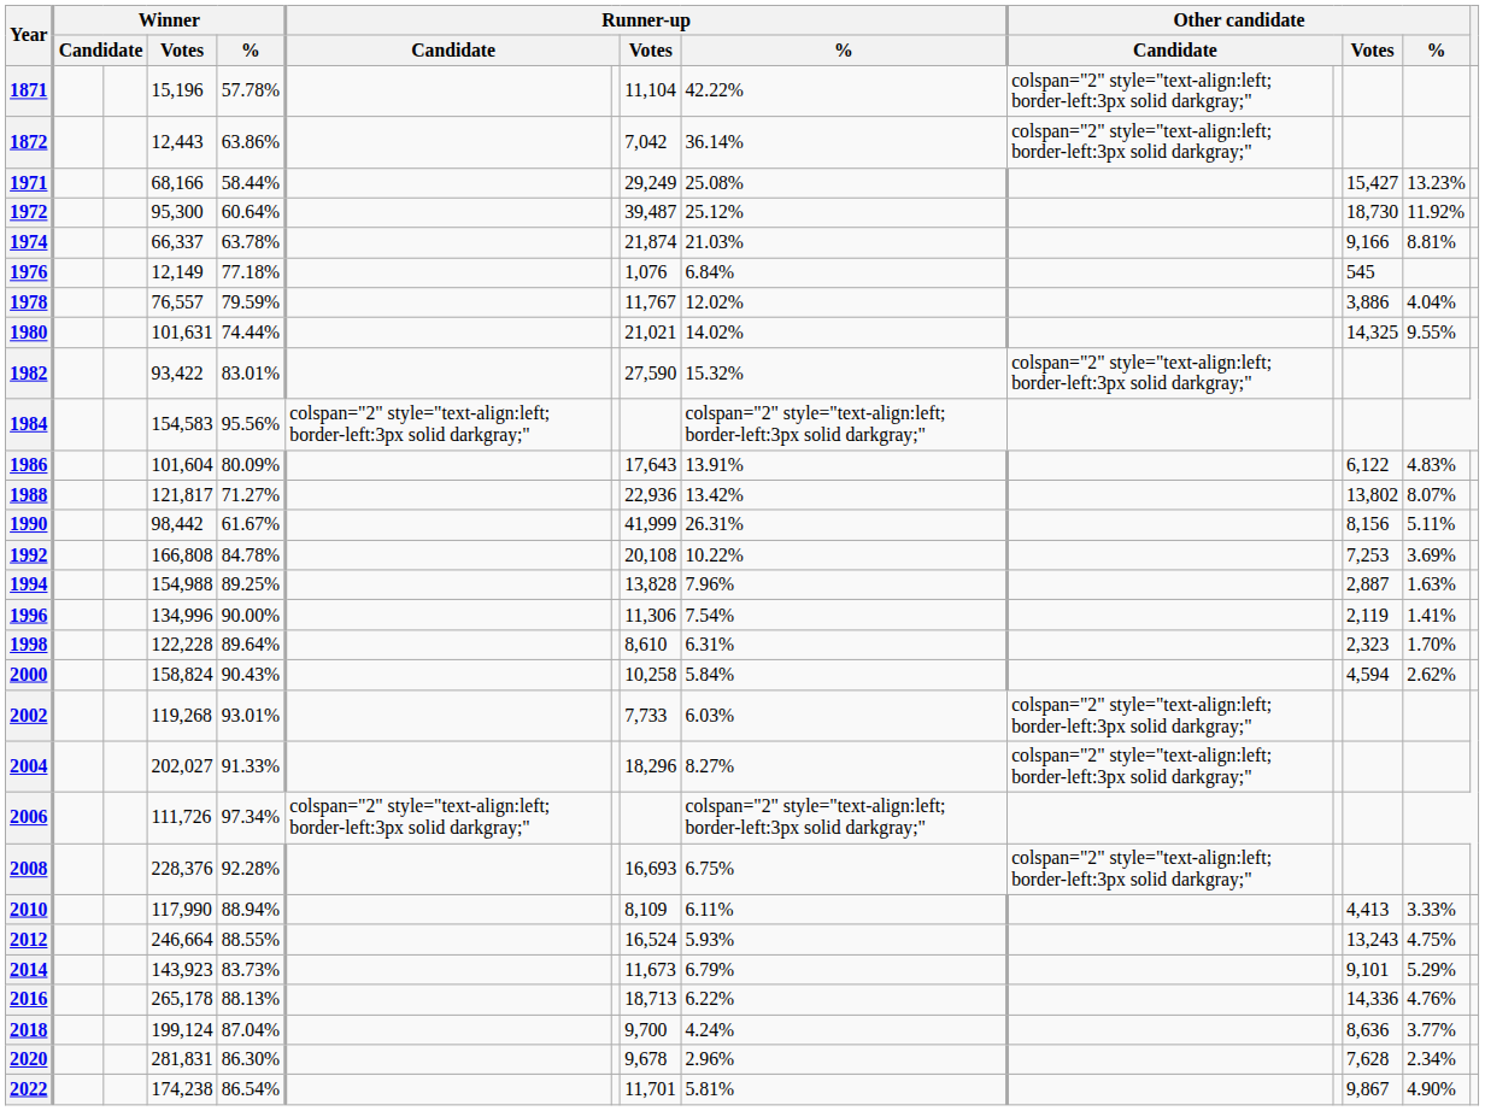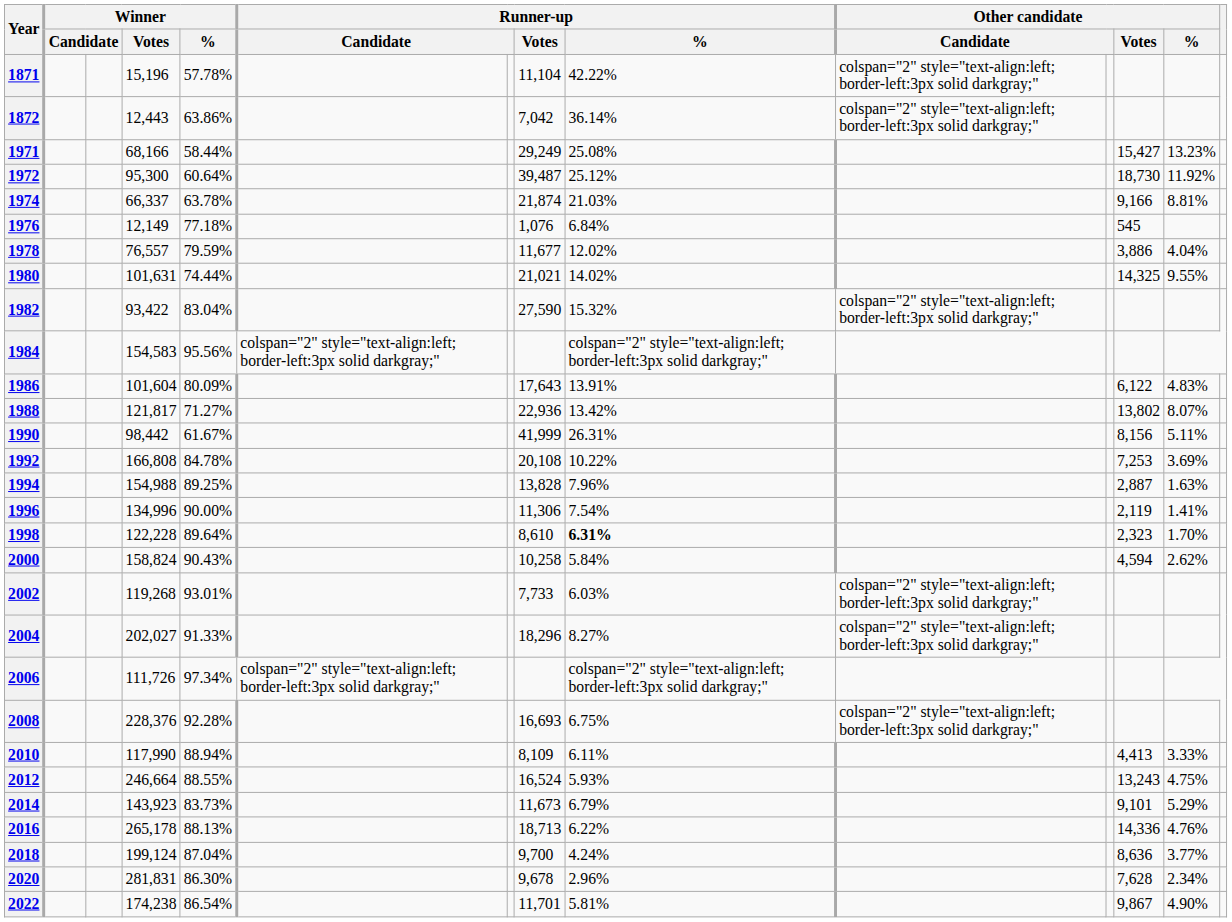 <table class="wikitable sortable">
 <tr>
 <th scope=col rowspan="2">Year</th>
 <th scope="col" style="border-left:3px solid darkgray;" colspan="4">Winner</th>
 <th scope="col" style="border-left:3px solid darkgray;" colspan="4">Runner-up</th>
 <th scope="col" style="border-left:3px solid darkgray;" colspan="4">Other candidate</th>
 <th scope="col" class="unsortable" rowspan="2"></th>
 </tr>
 <tr>
 <th scope="col" style="border-left:3px solid darkgray;" colspan="2">Candidate</th>
 <th scope="col" data-sort-type="number">Votes</th>
 <th scope="col"  data-sort-type="number">%</th>
 <th scope="col" style="border-left:3px solid darkgray;" colspan="2">Candidate</th>
 <th scope="col"  data-sort-type="number">Votes</th>
 <th scope="col"  data-sort-type="number">%</th>
 <th scope="col"  scope="col" style="border-left:3px solid darkgray;" colspan="2">Candidate</th>
 <th scope="col"  data-sort-type="number">Votes</th>
 <th scope="col"  data-sort-type="number">%</th>
 </tr>
 <tr>
 <th scope="row"><a href='#'>1871</a></th>
 <td style="text-align:left; border-left:3px solid darkgray; background-color:"></td>
 <td> </td>
 <td>15,196</td>
 <td>57.78%</td>
 <td style="text-align:left; border-left:3px solid darkgray; background-color:"></td>
 <td> </td>
 <td>11,104</td>
 <td>42.22%</td>
 <td>colspan="2" style="text-align:left; border-left:3px solid darkgray;" </td>
 <td></td>
 <td></td>
 <td style="text-align: center;"></td>
 </tr>
 <tr>
 <th scope="row"><a href='#'>1872</a></th>
 <td style="text-align:left; border-left:3px solid darkgray; background-color:"></td>
 <td> </td>
 <td>12,443</td>
 <td>63.86%</td>
 <td style="text-align:left; border-left:3px solid darkgray; background-color:"></td>
 <td> </td>
 <td>7,042</td>
 <td>36.14%</td>
 <td>colspan="2" style="text-align:left; border-left:3px solid darkgray;" </td>
 <td></td>
 <td></td>
 <td style="text-align: center;"></td>
 </tr>
 <tr>
 <th scope="row"><a href='#'>1971</a></th>
 <td style="text-align:left; border-left:3px solid darkgray; background-color:"></td>
 <td> </td>
 <td>68,166</td>
 <td>58.44%</td>
 <td style="text-align:left; border-left:3px solid darkgray; background-color:"></td>
 <td> </td>
 <td>29,249</td>
 <td>25.08%</td>
 <td style="text-align:left; border-left:3px solid darkgray; background-color:"></td>
 <td> </td>
 <td>15,427</td>
 <td>13.23%</td>
 <td style="text-align: center;"></td>
 </tr>
 <tr>
 <th scope="row"><a href='#'>1972</a></th>
 <td style="text-align:left; border-left:3px solid darkgray; background-color:"></td>
 <td> </td>
 <td>95,300</td>
 <td>60.64%</td>
 <td style="text-align:left; border-left:3px solid darkgray; background-color:"></td>
 <td> </td>
 <td>39,487</td>
 <td>25.12%</td>
 <td style="text-align:left; border-left:3px solid darkgray; background-color:"></td>
 <td> </td>
 <td>18,730</td>
 <td>11.92%</td>
 <td style="text-align: center;"></td>
 </tr>
 <tr>
 <th scope="row"><a href='#'>1974</a></th>
 <td style="text-align:left; border-left:3px solid darkgray; background-color:"></td>
 <td> </td>
 <td>66,337</td>
 <td>63.78%</td>
 <td style="text-align:left; border-left:3px solid darkgray; background-color:"></td>
 <td> </td>
 <td>21,874</td>
 <td>21.03%</td>
 <td style="text-align:left; border-left:3px solid darkgray; background-color:"></td>
 <td> </td>
 <td>9,166</td>
 <td>8.81%</td>
 <td style="text-align: center;"></td>
 </tr>
 <tr>
 <th scope="row"><a href='#'>1976</a></th>
 <td style="text-align:left; border-left:3px solid darkgray; background-color:"></td>
 <td> </td>
 <td>12,149</td>
 <td>77.18%</td>
 <td style="text-align:left; border-left:3px solid darkgray; background-color:"></td>
 <td> </td>
 <td>1,076</td>
 <td>6.84%</td>
 <td style="text-align:left; border-left:3px solid darkgray; background-color:"></td>
 <td> </td>
 <td>545</td>
 <td></td>
 <td style="text-align: center;"></td>
 </tr>
 <tr>
 <th scope="row"><a href='#'>1978</a></th>
 <td style="text-align:left; border-left:3px solid darkgray; background-color:"></td>
 <td> </td>
 <td>76,557</td>
 <td>79.59%</td>
 <td style="text-align:left; border-left:3px solid darkgray; background-color:"></td>
 <td> </td>
-<td>11,767</td>
+<td>11,677</td>
 <td>12.02%</td>
 <td style="text-align:left; border-left:3px solid darkgray; background-color:"></td>
 <td> </td>
 <td>3,886</td>
 <td>4.04%</td>
 <td style="text-align: center;"></td>
 </tr>
 <tr>
 <th scope="row"><a href='#'>1980</a></th>
 <td style="text-align:left; border-left:3px solid darkgray; background-color:"></td>
 <td> </td>
 <td>101,631</td>
 <td>74.44%</td>
 <td style="text-align:left; border-left:3px solid darkgray; background-color:"></td>
 <td> </td>
 <td>21,021</td>
 <td>14.02%</td>
 <td style="text-align:left; border-left:3px solid darkgray; background-color:"></td>
 <td> </td>
 <td>14,325</td>
 <td>9.55%</td>
 <td style="text-align: center;"></td>
 </tr>
 <tr>
 <th scope="row"><a href='#'>1982</a></th>
 <td style="text-align:left; border-left:3px solid darkgray; background-color:"></td>
 <td> </td>
 <td>93,422</td>
-<td>83.01%</td>
+<td>83.04%</td>
 <td style="text-align:left; border-left:3px solid darkgray; background-color:"></td>
 <td> </td>
 <td>27,590</td>
 <td>15.32%</td>
 <td>colspan="2" style="text-align:left; border-left:3px solid darkgray;" </td>
 <td></td>
 <td></td>
 <td style="text-align: center;"></td>
 </tr>
 <tr>
 <th scope="row"><a href='#'>1984</a></th>
 <td style="text-align:left; border-left:3px solid darkgray; background-color:"></td>
 <td> </td>
 <td>154,583</td>
 <td>95.56%</td>
 <td>colspan="2" style="text-align:left; border-left:3px solid darkgray;" </td>
 <td></td>
 <td></td>
 <td>colspan="2" style="text-align:left; border-left:3px solid darkgray;" </td>
 <td></td>
 <td></td>
 <td style="text-align: center;"></td>
 </tr>
 <tr>
 <th scope="row"><a href='#'>1986</a></th>
 <td style="text-align:left; border-left:3px solid darkgray; background-color:"></td>
 <td> </td>
 <td>101,604</td>
 <td>80.09%</td>
 <td style="text-align:left; border-left:3px solid darkgray; background-color:"></td>
 <td> </td>
 <td>17,643</td>
 <td>13.91%</td>
 <td style="text-align:left; border-left:3px solid darkgray; background-color:"></td>
 <td> </td>
 <td>6,122</td>
 <td>4.83%</td>
 <td style="text-align: center;"></td>
 </tr>
 <tr>
 <th scope="row"><a href='#'>1988</a></th>
 <td style="text-align:left; border-left:3px solid darkgray; background-color:"></td>
 <td> </td>
 <td>121,817</td>
 <td>71.27%</td>
 <td style="text-align:left; border-left:3px solid darkgray; background-color:"></td>
 <td> </td>
 <td>22,936</td>
 <td>13.42%</td>
 <td style="text-align:left; border-left:3px solid darkgray; background-color:"></td>
 <td> </td>
 <td>13,802</td>
 <td>8.07%</td>
 <td style="text-align: center;"></td>
 </tr>
 <tr>
 <th scope="row"><a href='#'>1990</a></th>
 <td style="text-align:left; border-left:3px solid darkgray; background-color:"></td>
 <td> </td>
 <td>98,442</td>
 <td>61.67%</td>
 <td style="text-align:left; border-left:3px solid darkgray; background-color:"></td>
 <td> </td>
 <td>41,999</td>
 <td>26.31%</td>
 <td style="text-align:left; border-left:3px solid darkgray; background-color:"></td>
 <td> </td>
 <td>8,156</td>
 <td>5.11%</td>
 <td style="text-align: center;"></td>
 </tr>
 <tr>
 <th scope="row"><a href='#'>1992</a></th>
 <td style="text-align:left; border-left:3px solid darkgray; background-color:"></td>
 <td> </td>
 <td>166,808</td>
 <td>84.78%</td>
 <td style="text-align:left; border-left:3px solid darkgray; background-color:"></td>
 <td> </td>
 <td>20,108</td>
 <td>10.22%</td>
 <td style="text-align:left; border-left:3px solid darkgray; background-color:"></td>
 <td> </td>
 <td>7,253</td>
 <td>3.69%</td>
 <td style="text-align: center;"></td>
 </tr>
 <tr>
 <th scope="row"><a href='#'>1994</a></th>
 <td style="text-align:left; border-left:3px solid darkgray; background-color:"></td>
 <td> </td>
 <td>154,988</td>
 <td>89.25%</td>
 <td style="text-align:left; border-left:3px solid darkgray; background-color:"></td>
 <td> </td>
 <td>13,828</td>
 <td>7.96%</td>
 <td style="text-align:left; border-left:3px solid darkgray; background-color:"></td>
 <td> </td>
 <td>2,887</td>
 <td>1.63%</td>
 <td style="text-align: center;"></td>
 </tr>
 <tr>
 <th scope="row"><a href='#'>1996</a></th>
 <td style="text-align:left; border-left:3px solid darkgray; background-color:"></td>
 <td> </td>
 <td>134,996</td>
 <td>90.00%</td>
 <td style="text-align:left; border-left:3px solid darkgray; background-color:"></td>
 <td> </td>
 <td>11,306</td>
 <td>7.54%</td>
 <td style="text-align:left; border-left:3px solid darkgray; background-color:"></td>
 <td> </td>
 <td>2,119</td>
 <td>1.41%</td>
 <td style="text-align: center;"></td>
 </tr>
 <tr>
 <th scope="row"><a href='#'>1998</a></th>
 <td style="text-align:left; border-left:3px solid darkgray; background-color:"></td>
 <td> </td>
 <td>122,228</td>
 <td>89.64%</td>
 <td style="text-align:left; border-left:3px solid darkgray; background-color:"></td>
 <td> </td>
 <td>8,610</td>
-<td>6.31%</td>
+<td><strong>6.31%</strong></td>
 <td style="text-align:left; border-left:3px solid darkgray; background-color:"></td>
 <td> </td>
 <td>2,323</td>
 <td>1.70%</td>
 <td style="text-align: center;"></td>
 </tr>
 <tr>
 <th scope="row"><a href='#'>2000</a></th>
 <td style="text-align:left; border-left:3px solid darkgray; background-color:"></td>
 <td> </td>
 <td>158,824</td>
 <td>90.43%</td>
 <td style="text-align:left; border-left:3px solid darkgray; background-color:"></td>
 <td> </td>
 <td>10,258</td>
 <td>5.84%</td>
 <td style="text-align:left; border-left:3px solid darkgray; background-color:"></td>
 <td> </td>
 <td>4,594</td>
 <td>2.62%</td>
 <td style="text-align: center;"></td>
 </tr>
 <tr>
 <th scope="row"><a href='#'>2002</a></th>
 <td style="text-align:left; border-left:3px solid darkgray; background-color:"></td>
 <td> </td>
 <td>119,268</td>
 <td>93.01%</td>
 <td style="text-align:left; border-left:3px solid darkgray; background-color:"></td>
 <td> </td>
 <td>7,733</td>
 <td>6.03%</td>
 <td>colspan="2" style="text-align:left; border-left:3px solid darkgray;" </td>
 <td></td>
 <td></td>
 <td style="text-align: center;"></td>
 </tr>
 <tr>
 <th scope="row"><a href='#'>2004</a></th>
 <td style="text-align:left; border-left:3px solid darkgray; background-color:"></td>
 <td> </td>
 <td>202,027</td>
 <td>91.33%</td>
 <td style="text-align:left; border-left:3px solid darkgray; background-color:"></td>
 <td> </td>
 <td>18,296</td>
 <td>8.27%</td>
 <td>colspan="2" style="text-align:left; border-left:3px solid darkgray;" </td>
 <td></td>
 <td></td>
 <td style="text-align: center;"></td>
 </tr>
 <tr>
 <th scope="row"><a href='#'>2006</a></th>
 <td style="text-align:left; border-left:3px solid darkgray; background-color:"></td>
 <td> </td>
 <td>111,726</td>
 <td>97.34%</td>
 <td>colspan="2" style="text-align:left; border-left:3px solid darkgray;" </td>
 <td></td>
 <td></td>
 <td>colspan="2" style="text-align:left; border-left:3px solid darkgray;" </td>
 <td></td>
 <td></td>
 <td style="text-align: center;"></td>
 </tr>
 <tr>
 <th scope="row"><a href='#'>2008</a></th>
 <td style="text-align:left; border-left:3px solid darkgray; background-color:"></td>
 <td> </td>
 <td>228,376</td>
 <td>92.28%</td>
 <td style="text-align:left; border-left:3px solid darkgray; background-color:"></td>
 <td> </td>
 <td>16,693</td>
 <td>6.75%</td>
 <td>colspan="2" style="text-align:left; border-left:3px solid darkgray;" </td>
 <td></td>
 <td></td>
 <td style="text-align: center;"></td>
 </tr>
 <tr>
 <th scope="row"><a href='#'>2010</a></th>
 <td style="text-align:left; border-left:3px solid darkgray; background-color:"></td>
 <td> </td>
 <td>117,990</td>
 <td>88.94%</td>
 <td style="text-align:left; border-left:3px solid darkgray; background-color:"></td>
 <td> </td>
 <td>8,109</td>
 <td>6.11%</td>
 <td style="text-align:left; border-left:3px solid darkgray; background-color:"></td>
 <td> </td>
 <td>4,413</td>
 <td>3.33%</td>
 <td style="text-align: center;"></td>
 </tr>
 <tr>
 <th scope="row"><a href='#'>2012</a></th>
 <td style="text-align:left; border-left:3px solid darkgray; background-color:"></td>
 <td> </td>
 <td>246,664</td>
 <td>88.55%</td>
 <td style="text-align:left; border-left:3px solid darkgray; background-color:"></td>
 <td> </td>
 <td>16,524</td>
 <td>5.93%</td>
 <td style="text-align:left; border-left:3px solid darkgray; background-color:"></td>
 <td> </td>
 <td>13,243</td>
 <td>4.75%</td>
 <td style="text-align: center;"></td>
 </tr>
 <tr>
 <th scope="row"><a href='#'>2014</a></th>
 <td style="text-align:left; border-left:3px solid darkgray; background-color:"></td>
 <td> </td>
 <td>143,923</td>
 <td>83.73%</td>
 <td style="text-align:left; border-left:3px solid darkgray; background-color:"></td>
 <td> </td>
 <td>11,673</td>
 <td>6.79%</td>
 <td style="text-align:left; border-left:3px solid darkgray; background-color:"></td>
 <td> </td>
 <td>9,101</td>
 <td>5.29%</td>
 <td style="text-align: center;"></td>
 </tr>
 <tr>
 <th scope="row"><a href='#'>2016</a></th>
 <td style="text-align:left; border-left:3px solid darkgray; background-color:"></td>
 <td> </td>
 <td>265,178</td>
 <td>88.13%</td>
 <td style="text-align:left; border-left:3px solid darkgray; background-color:"></td>
 <td> </td>
 <td>18,713</td>
 <td>6.22%</td>
 <td style="text-align:left; border-left:3px solid darkgray; background-color:"></td>
 <td> </td>
 <td>14,336</td>
 <td>4.76%</td>
 <td style="text-align: center;"></td>
 </tr>
 <tr>
 <th scope="row"><a href='#'>2018</a></th>
 <td style="text-align:left; border-left:3px solid darkgray; background-color:"></td>
 <td> </td>
 <td>199,124</td>
 <td>87.04%</td>
 <td style="text-align:left; border-left:3px solid darkgray; background-color:"></td>
 <td> </td>
 <td>9,700</td>
 <td>4.24%</td>
 <td style="text-align:left; border-left:3px solid darkgray; background-color:"></td>
 <td> </td>
 <td>8,636</td>
 <td>3.77%</td>
 <td style="text-align: center;"></td>
 </tr>
 <tr>
 <th scope="row"><a href='#'>2020</a></th>
 <td style="text-align:left; border-left:3px solid darkgray; background-color:"></td>
 <td> </td>
 <td>281,831</td>
 <td>86.30%</td>
 <td style="text-align:left; border-left:3px solid darkgray; background-color:"></td>
 <td> </td>
 <td>9,678</td>
 <td>2.96%</td>
 <td style="text-align:left; border-left:3px solid darkgray; background-color:"></td>
 <td> </td>
 <td>7,628</td>
 <td>2.34%</td>
 <td style="text-align: center;"></td>
 </tr>
 <tr>
 <th scope="row"><a href='#'>2022</a></th>
 <td style="text-align:left; border-left:3px solid darkgray; background-color:"></td>
 <td> </td>
 <td>174,238</td>
 <td>86.54%</td>
 <td style="text-align:left; border-left:3px solid darkgray; background-color:"></td>
 <td> </td>
 <td>11,701</td>
 <td>5.81%</td>
 <td style="text-align:left; border-left:3px solid darkgray; background-color:"></td>
 <td> </td>
 <td>9,867</td>
 <td>4.90%</td>
 <td style="text-align: center;"></td>
 </tr>
 </table>
